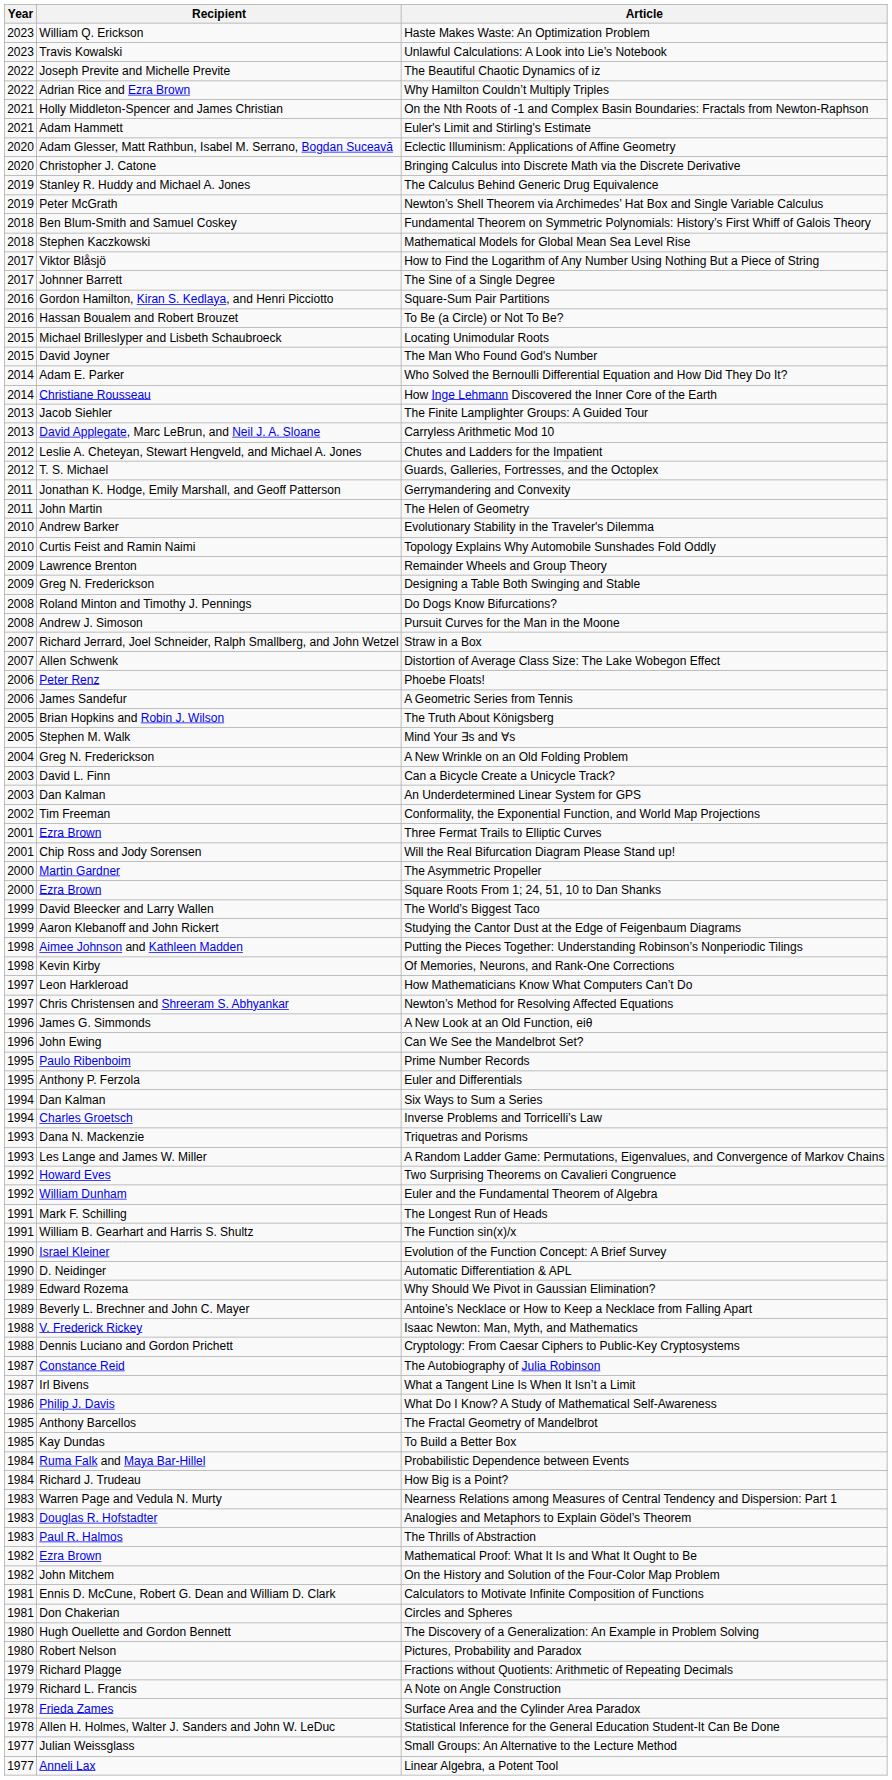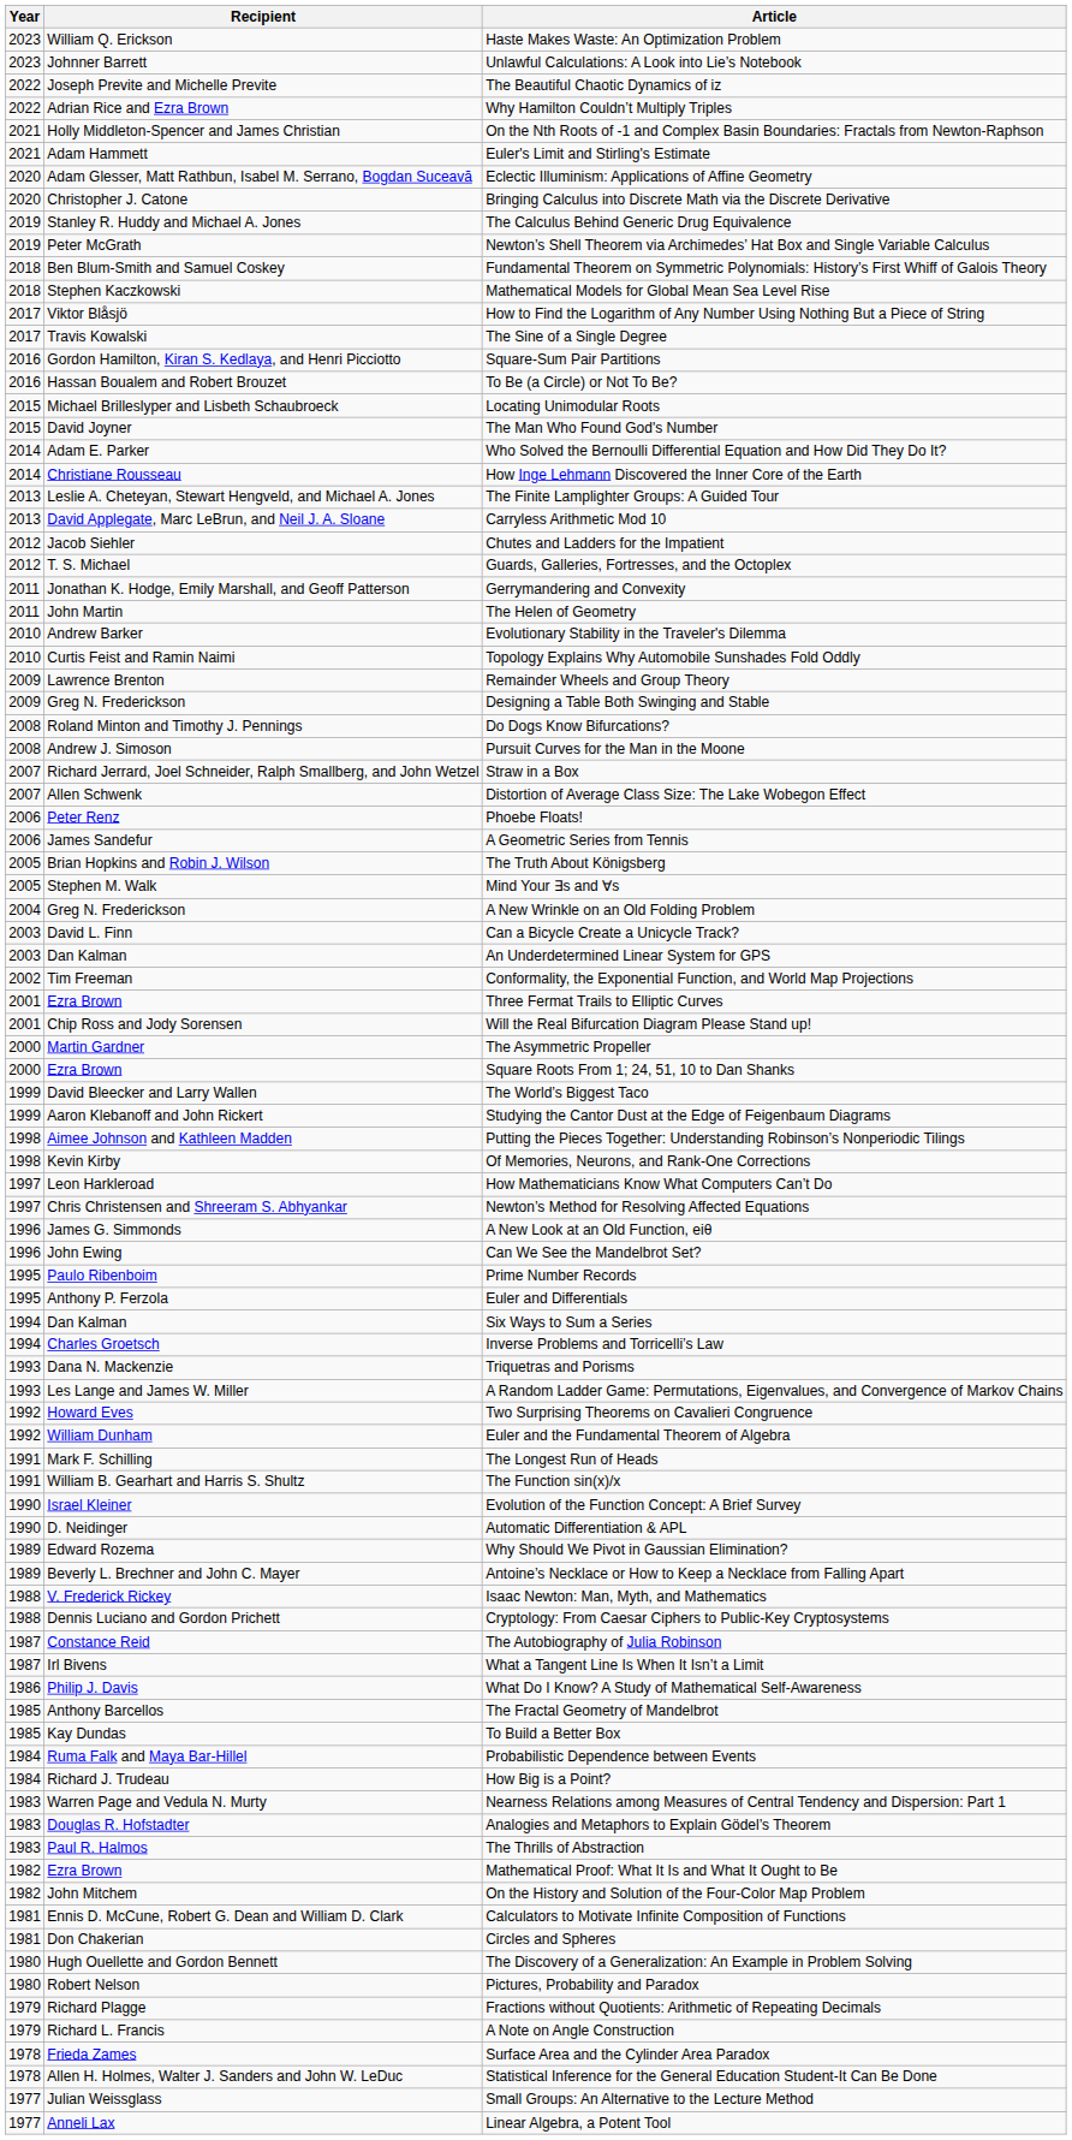 <table class="wikitable">
 <tr>
 <th>Year</th>
 <th>Recipient</th>
 <th>Article</th>
 </tr>
 <tr>
 <td>2023</td>
 <td>William Q. Erickson</td>
 <td>Haste Makes Waste: An Optimization Problem</td>
 </tr>
 <tr>
 <td>2023</td>
-<td>Travis Kowalski</td>
+<td>Johnner Barrett</td>
 <td>Unlawful Calculations: A Look into Lie’s Notebook</td>
 </tr>
 <tr>
 <td>2022</td>
 <td>Joseph Previte and Michelle Previte</td>
 <td>The Beautiful Chaotic Dynamics of iz</td>
 </tr>
 <tr>
 <td>2022</td>
 <td>Adrian Rice and <a href='#'>Ezra Brown</a></td>
 <td>Why Hamilton Couldn’t Multiply Triples</td>
 </tr>
 <tr>
 <td>2021</td>
 <td>Holly Middleton-Spencer and James Christian</td>
 <td>On the Nth Roots of -1 and Complex Basin Boundaries: Fractals from Newton-Raphson</td>
 </tr>
 <tr>
 <td>2021</td>
 <td>Adam Hammett</td>
 <td>Euler's Limit and Stirling's Estimate</td>
 </tr>
 <tr>
 <td>2020</td>
 <td>Adam Glesser, Matt Rathbun, Isabel M. Serrano, <a href='#'>Bogdan Suceavă</a></td>
 <td>Eclectic Illuminism: Applications of Affine Geometry</td>
 </tr>
 <tr>
 <td>2020</td>
 <td>Christopher J. Catone</td>
 <td>Bringing Calculus into Discrete Math via the Discrete Derivative</td>
 </tr>
 <tr>
 <td>2019</td>
 <td>Stanley R. Huddy and Michael A. Jones</td>
 <td>The Calculus Behind Generic Drug Equivalence</td>
 </tr>
 <tr>
 <td>2019</td>
 <td>Peter McGrath</td>
 <td>Newton’s Shell Theorem via Archimedes’ Hat Box and Single Variable Calculus</td>
 </tr>
 <tr>
 <td>2018</td>
 <td>Ben Blum-Smith and Samuel Coskey</td>
 <td>Fundamental Theorem on Symmetric Polynomials: History’s First Whiff of Galois Theory</td>
 </tr>
 <tr>
 <td>2018</td>
 <td>Stephen Kaczkowski</td>
 <td>Mathematical Models for Global Mean Sea Level Rise</td>
 </tr>
 <tr>
 <td>2017</td>
 <td>Viktor Blåsjö</td>
 <td>How to Find the Logarithm of Any Number Using Nothing But a Piece of String</td>
 </tr>
 <tr>
 <td>2017</td>
-<td>Johnner Barrett</td>
+<td>Travis Kowalski</td>
 <td>The Sine of a Single Degree</td>
 </tr>
 <tr>
 <td>2016</td>
 <td>Gordon Hamilton, <a href='#'>Kiran S. Kedlaya</a>, and Henri Picciotto</td>
 <td>Square-Sum Pair Partitions</td>
 </tr>
 <tr>
 <td>2016</td>
 <td>Hassan Boualem and Robert Brouzet</td>
 <td>To Be (a Circle) or Not To Be?</td>
 </tr>
 <tr>
 <td>2015</td>
 <td>Michael Brilleslyper and Lisbeth Schaubroeck</td>
 <td>Locating Unimodular Roots</td>
 </tr>
 <tr>
 <td>2015</td>
 <td>David Joyner</td>
 <td>The Man Who Found God's Number</td>
 </tr>
 <tr>
 <td>2014</td>
 <td>Adam E. Parker</td>
 <td>Who Solved the Bernoulli Differential Equation and How Did They Do It?</td>
 </tr>
 <tr>
 <td>2014</td>
 <td><a href='#'>Christiane Rousseau</a></td>
 <td>How <a href='#'>Inge Lehmann</a> Discovered the Inner Core of the Earth</td>
 </tr>
 <tr>
 <td>2013</td>
-<td>Jacob Siehler</td>
+<td>Leslie A. Cheteyan, Stewart Hengveld, and Michael A. Jones</td>
 <td>The Finite Lamplighter Groups: A Guided Tour</td>
 </tr>
 <tr>
 <td>2013</td>
 <td><a href='#'>David Applegate</a>, Marc LeBrun, and <a href='#'>Neil J. A. Sloane</a></td>
 <td>Carryless Arithmetic Mod 10</td>
 </tr>
 <tr>
 <td>2012</td>
-<td>Leslie A. Cheteyan, Stewart Hengveld, and Michael A. Jones</td>
+<td>Jacob Siehler</td>
 <td>Chutes and Ladders for the Impatient</td>
 </tr>
 <tr>
 <td>2012</td>
 <td>T. S. Michael</td>
 <td>Guards, Galleries, Fortresses, and the Octoplex</td>
 </tr>
 <tr>
 <td>2011</td>
 <td>Jonathan K. Hodge, Emily Marshall, and Geoff Patterson</td>
 <td>Gerrymandering and Convexity</td>
 </tr>
 <tr>
 <td>2011</td>
 <td>John Martin</td>
 <td>The Helen of Geometry</td>
 </tr>
 <tr>
 <td>2010</td>
 <td>Andrew Barker</td>
 <td>Evolutionary Stability in the Traveler's Dilemma</td>
 </tr>
 <tr>
 <td>2010</td>
 <td>Curtis Feist and Ramin Naimi</td>
 <td>Topology Explains Why Automobile Sunshades Fold Oddly</td>
 </tr>
 <tr>
 <td>2009</td>
 <td>Lawrence Brenton</td>
 <td>Remainder Wheels and Group Theory</td>
 </tr>
 <tr>
 <td>2009</td>
 <td>Greg N. Frederickson</td>
 <td>Designing a Table Both Swinging and Stable</td>
 </tr>
 <tr>
 <td>2008</td>
 <td>Roland Minton and Timothy J. Pennings</td>
 <td>Do Dogs Know Bifurcations?</td>
 </tr>
 <tr>
 <td>2008</td>
 <td>Andrew J. Simoson</td>
 <td>Pursuit Curves for the Man in the Moone</td>
 </tr>
 <tr>
 <td>2007</td>
 <td>Richard Jerrard, Joel Schneider, Ralph Smallberg, and John Wetzel</td>
 <td>Straw in a Box</td>
 </tr>
 <tr>
 <td>2007</td>
 <td>Allen Schwenk</td>
 <td>Distortion of Average Class Size: The Lake Wobegon Effect</td>
 </tr>
 <tr>
 <td>2006</td>
 <td><a href='#'>Peter Renz</a></td>
 <td>Phoebe Floats!</td>
 </tr>
 <tr>
 <td>2006</td>
 <td>James Sandefur</td>
 <td>A Geometric Series from Tennis</td>
 </tr>
 <tr>
 <td>2005</td>
 <td>Brian Hopkins and <a href='#'>Robin J. Wilson</a></td>
 <td>The Truth About Königsberg</td>
 </tr>
 <tr>
 <td>2005</td>
 <td>Stephen M. Walk</td>
 <td>Mind Your ∃s and ∀s</td>
 </tr>
 <tr>
 <td>2004</td>
 <td>Greg N. Frederickson</td>
 <td>A New Wrinkle on an Old Folding Problem</td>
 </tr>
 <tr>
 <td>2003</td>
 <td>David L. Finn</td>
 <td>Can a Bicycle Create a Unicycle Track?</td>
 </tr>
 <tr>
 <td>2003</td>
 <td>Dan Kalman</td>
 <td>An Underdetermined Linear System for GPS</td>
 </tr>
 <tr>
 <td>2002</td>
 <td>Tim Freeman</td>
 <td>Conformality, the Exponential Function, and World Map Projections</td>
 </tr>
 <tr>
 <td>2001</td>
 <td><a href='#'>Ezra Brown</a></td>
 <td>Three Fermat Trails to Elliptic Curves</td>
 </tr>
 <tr>
 <td>2001</td>
 <td>Chip Ross  and Jody Sorensen</td>
 <td>Will the Real Bifurcation Diagram Please Stand up!</td>
 </tr>
 <tr>
 <td>2000</td>
 <td><a href='#'>Martin Gardner</a></td>
 <td>The Asymmetric Propeller</td>
 </tr>
 <tr>
 <td>2000</td>
 <td><a href='#'>Ezra Brown</a></td>
 <td>Square Roots From 1; 24, 51, 10 to Dan Shanks</td>
 </tr>
 <tr>
 <td>1999</td>
 <td>David Bleecker and Larry Wallen</td>
 <td>The World’s Biggest Taco</td>
 </tr>
 <tr>
 <td>1999</td>
 <td>Aaron Klebanoff and John Rickert</td>
 <td>Studying the Cantor Dust at the Edge of Feigenbaum Diagrams</td>
 </tr>
 <tr>
 <td>1998</td>
 <td><a href='#'>Aimee Johnson</a> and <a href='#'>Kathleen Madden</a></td>
 <td>Putting the Pieces Together: Understanding Robinson’s Nonperiodic Tilings</td>
 </tr>
 <tr>
 <td>1998</td>
 <td>Kevin Kirby</td>
 <td>Of Memories, Neurons, and Rank-One Corrections</td>
 </tr>
 <tr>
 <td>1997</td>
 <td>Leon Harkleroad</td>
 <td>How Mathematicians Know What Computers Can’t Do</td>
 </tr>
 <tr>
 <td>1997</td>
 <td>Chris Christensen and <a href='#'>Shreeram S. Abhyankar</a></td>
 <td>Newton’s Method for Resolving Affected Equations</td>
 </tr>
 <tr>
 <td>1996</td>
 <td>James G. Simmonds</td>
 <td>A New Look at an Old Function, eiθ</td>
 </tr>
 <tr>
 <td>1996</td>
 <td>John Ewing</td>
 <td>Can We See the Mandelbrot Set?</td>
 </tr>
 <tr>
 <td>1995</td>
 <td><a href='#'>Paulo Ribenboim</a></td>
 <td>Prime Number Records</td>
 </tr>
 <tr>
 <td>1995</td>
 <td>Anthony P. Ferzola</td>
 <td>Euler and Differentials</td>
 </tr>
 <tr>
 <td>1994</td>
 <td>Dan Kalman</td>
 <td>Six Ways to Sum a Series</td>
 </tr>
 <tr>
 <td>1994</td>
 <td><a href='#'>Charles Groetsch</a></td>
 <td>Inverse Problems and Torricelli’s Law</td>
 </tr>
 <tr>
 <td>1993</td>
 <td>Dana N. Mackenzie</td>
 <td>Triquetras and Porisms</td>
 </tr>
 <tr>
 <td>1993</td>
 <td>Les Lange and James W. Miller</td>
 <td>A Random Ladder Game: Permutations, Eigenvalues, and Convergence of Markov Chains</td>
 </tr>
 <tr>
 <td>1992</td>
 <td><a href='#'>Howard Eves</a></td>
 <td>Two Surprising Theorems on Cavalieri Congruence</td>
 </tr>
 <tr>
 <td>1992</td>
 <td><a href='#'>William Dunham</a></td>
 <td>Euler and the Fundamental Theorem of Algebra</td>
 </tr>
 <tr>
 <td>1991</td>
 <td>Mark F. Schilling</td>
 <td>The Longest Run of Heads</td>
 </tr>
 <tr>
 <td>1991</td>
 <td>William B. Gearhart and Harris S. Shultz</td>
 <td>The Function sin(x)/x</td>
 </tr>
 <tr>
 <td>1990</td>
 <td><a href='#'>Israel Kleiner</a></td>
 <td>Evolution of the Function Concept: A Brief Survey</td>
 </tr>
 <tr>
 <td>1990</td>
 <td>D. Neidinger</td>
 <td>Automatic Differentiation & APL</td>
 </tr>
 <tr>
 <td>1989</td>
 <td>Edward Rozema</td>
 <td>Why Should We Pivot in Gaussian Elimination?</td>
 </tr>
 <tr>
 <td>1989</td>
 <td>Beverly L. Brechner and John C. Mayer</td>
 <td>Antoine’s Necklace or How to Keep a Necklace from Falling Apart</td>
 </tr>
 <tr>
 <td>1988</td>
 <td><a href='#'>V. Frederick Rickey</a></td>
 <td>Isaac Newton: Man, Myth, and Mathematics</td>
 </tr>
 <tr>
 <td>1988</td>
 <td>Dennis Luciano and Gordon Prichett</td>
 <td>Cryptology: From Caesar Ciphers to Public-Key Cryptosystems</td>
 </tr>
 <tr>
 <td>1987</td>
 <td><a href='#'>Constance Reid</a></td>
 <td>The Autobiography of <a href='#'>Julia Robinson</a></td>
 </tr>
 <tr>
 <td>1987</td>
 <td>Irl Bivens</td>
 <td>What a Tangent Line Is When It Isn’t a Limit</td>
 </tr>
 <tr>
 <td>1986</td>
 <td><a href='#'>Philip J. Davis</a></td>
 <td>What Do I Know? A Study of Mathematical Self-Awareness</td>
 </tr>
 <tr>
 <td>1985</td>
 <td>Anthony Barcellos</td>
 <td>The Fractal Geometry of Mandelbrot</td>
 </tr>
 <tr>
 <td>1985</td>
 <td>Kay Dundas</td>
 <td>To Build a Better Box</td>
 </tr>
 <tr>
 <td>1984</td>
 <td><a href='#'>Ruma Falk</a> and <a href='#'>Maya Bar-Hillel</a></td>
 <td>Probabilistic Dependence between Events</td>
 </tr>
 <tr>
 <td>1984</td>
 <td>Richard J. Trudeau</td>
 <td>How Big is a Point?</td>
 </tr>
 <tr>
 <td>1983</td>
 <td>Warren Page and Vedula N. Murty</td>
 <td>Nearness Relations among Measures of Central Tendency and Dispersion: Part 1</td>
 </tr>
 <tr>
 <td>1983</td>
 <td><a href='#'>Douglas R. Hofstadter</a></td>
 <td>Analogies and Metaphors to Explain Gödel’s Theorem</td>
 </tr>
 <tr>
 <td>1983</td>
 <td><a href='#'>Paul R. Halmos</a></td>
 <td>The Thrills of Abstraction</td>
 </tr>
 <tr>
 <td>1982</td>
 <td><a href='#'>Ezra Brown</a></td>
 <td>Mathematical Proof: What It Is and What It Ought to Be</td>
 </tr>
 <tr>
 <td>1982</td>
 <td>John Mitchem</td>
 <td>On the History and Solution of the Four-Color Map Problem</td>
 </tr>
 <tr>
 <td>1981</td>
 <td>Ennis D. McCune, Robert G. Dean and William D. Clark</td>
 <td>Calculators to Motivate Infinite Composition of Functions</td>
 </tr>
 <tr>
 <td>1981</td>
 <td>Don Chakerian</td>
 <td>Circles and Spheres</td>
 </tr>
 <tr>
 <td>1980</td>
 <td>Hugh Ouellette and Gordon Bennett</td>
 <td>The Discovery of a Generalization: An Example in Problem Solving</td>
 </tr>
 <tr>
 <td>1980</td>
 <td>Robert Nelson</td>
 <td>Pictures, Probability and Paradox</td>
 </tr>
 <tr>
 <td>1979</td>
 <td>Richard Plagge</td>
 <td>Fractions without Quotients: Arithmetic of Repeating Decimals</td>
 </tr>
 <tr>
 <td>1979</td>
 <td>Richard L. Francis</td>
 <td>A Note on Angle Construction</td>
 </tr>
 <tr>
 <td>1978</td>
 <td><a href='#'>Frieda Zames</a></td>
 <td>Surface Area and the Cylinder Area Paradox</td>
 </tr>
 <tr>
 <td>1978</td>
 <td>Allen H. Holmes, Walter J. Sanders and John W. LeDuc</td>
 <td>Statistical Inference for the General Education Student-It Can Be Done</td>
 </tr>
 <tr>
 <td>1977</td>
 <td>Julian Weissglass</td>
 <td>Small Groups: An Alternative to the Lecture Method</td>
 </tr>
 <tr>
 <td>1977</td>
 <td><a href='#'>Anneli Lax</a></td>
 <td>Linear Algebra, a Potent Tool</td>
 </tr>
 </table>
